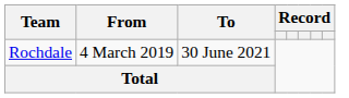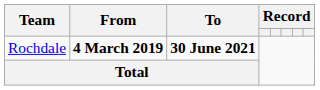 <table class=wikitable style=text-align:center>
 <tr>
 <th rowspan=2>Team</th>
 <th rowspan=2>From</th>
 <th rowspan=2>To</th>
 <th colspan=5>Record</th>
 </tr>
 <tr>
 <th></th>
 <th></th>
 <th></th>
 <th></th>
 <th></th>
 </tr>
 <tr>
 <td align=left><a href='#'>Rochdale</a></td>
-<td align=left>4 March 2019</td>
-<td align=left>30 June 2021<br></td>
+<td align=left><strong>4 March 2019</strong></td>
+<td align=left><strong>30 June 2021<br></strong></td>
 </tr>
 <tr>
 <th colspan=3>Total<br></th>
 </tr>
 </table>
